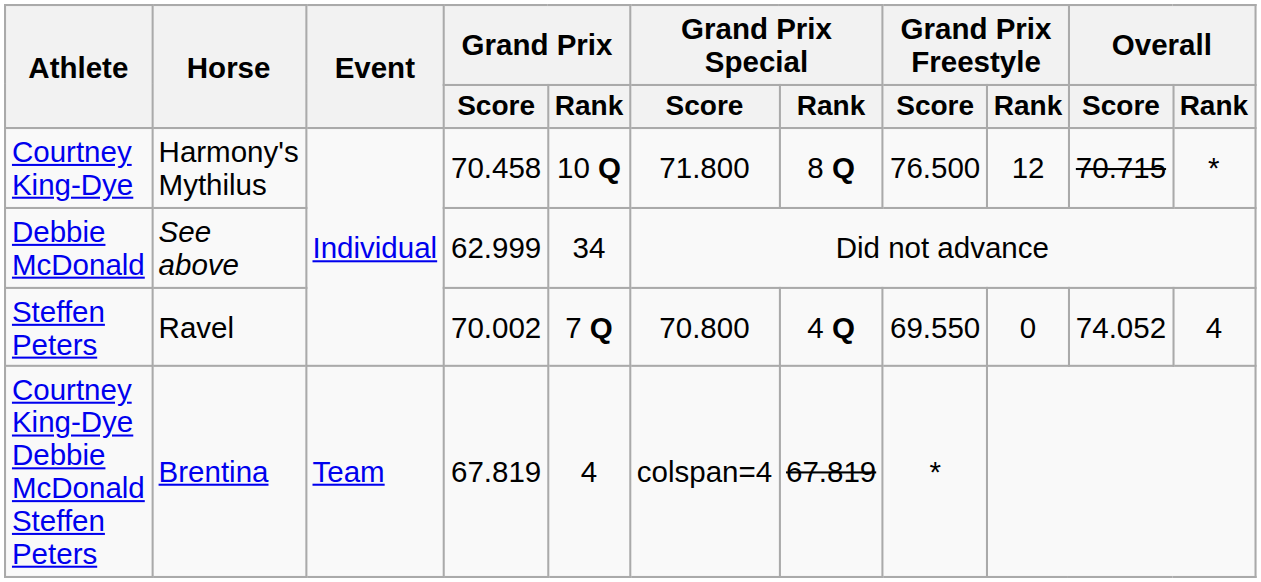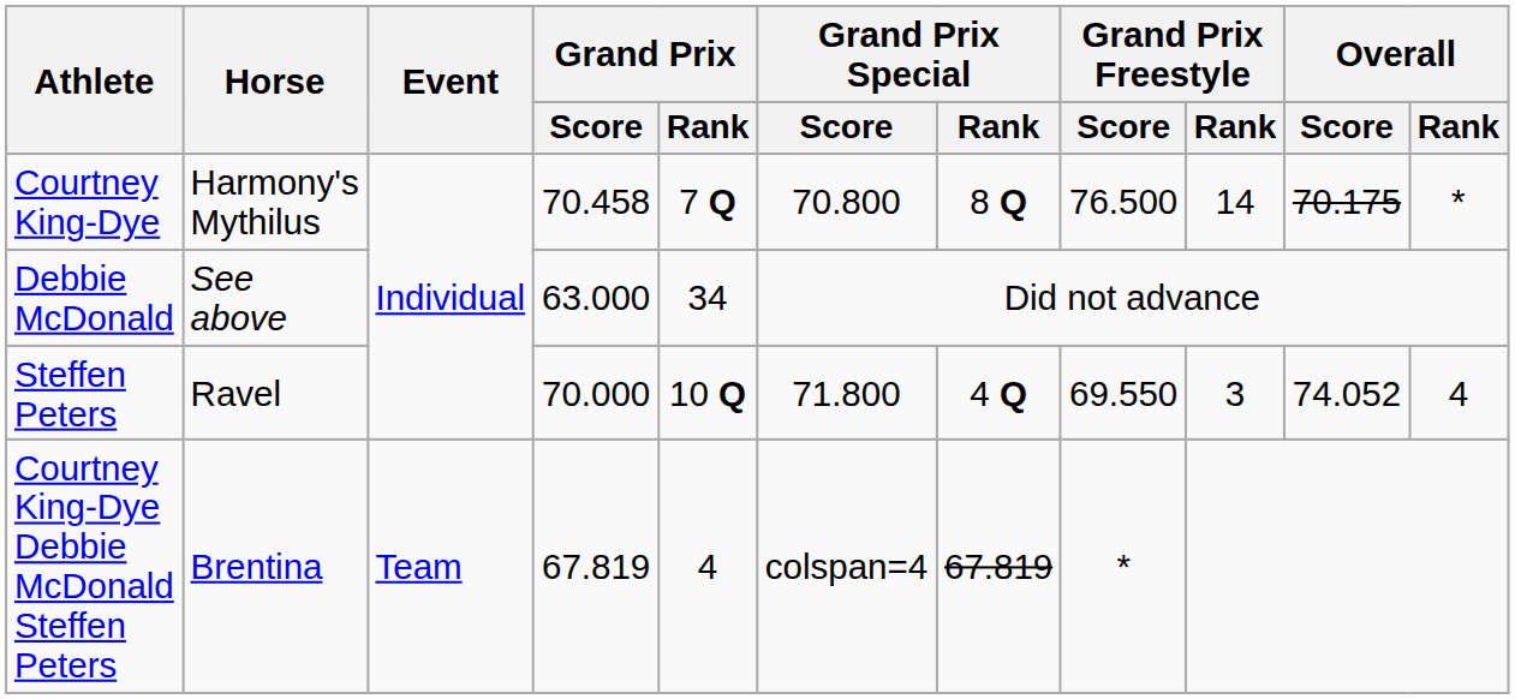 <table class=wikitable style=font-size:90%;text-align:center>
 <tr>
 <th rowspan=2>Athlete</th>
 <th rowspan=2>Horse</th>
 <th rowspan=2>Event</th>
 <th colspan=2>Grand Prix</th>
 <th colspan=2>Grand Prix Special</th>
 <th colspan=2>Grand Prix Freestyle</th>
 <th colspan=2>Overall</th>
 </tr>
 <tr style=font-size:95%>
 <th>Score</th>
 <th>Rank</th>
 <th>Score</th>
 <th>Rank</th>
 <th>Score</th>
 <th>Rank</th>
 <th>Score</th>
 <th>Rank</th>
 </tr>
 <tr>
 <td align=left><a href='#'>Courtney King-Dye</a></td>
 <td align=left>Harmony's Mythilus</td>
 <td align=left rowspan=3><a href='#'>Individual</a></td>
 <td>70.458</td>
-<td>10 <strong>Q</strong></td>
-<td>71.800</td>
+<td>7 <strong>Q</strong></td>
+<td>70.800</td>
 <td>8 <strong>Q</strong></td>
 <td>76.500</td>
-<td>12</td>
-<td><s>70.715</s></td>
+<td>14</td>
+<td><s>70.175</s></td>
 <td>*</td>
 </tr>
 <tr>
 <td align=left><a href='#'>Debbie McDonald</a></td>
 <td align=left><em>See above</em></td>
-<td>62.999</td>
+<td>63.000</td>
 <td>34</td>
 <td colspan=6>Did not advance</td>
 </tr>
 <tr>
 <td align=left><a href='#'>Steffen Peters</a></td>
 <td align=left>Ravel</td>
-<td>70.002</td>
-<td>7 <strong>Q</strong></td>
-<td>70.800</td>
+<td>70.000</td>
+<td>10 <strong>Q</strong></td>
+<td>71.800</td>
 <td>4 <strong>Q</strong></td>
 <td>69.550</td>
-<td>0</td>
+<td>3</td>
 <td>74.052</td>
 <td>4</td>
 </tr>
 <tr>
 <td align=left><a href='#'>Courtney King-Dye</a><br><a href='#'>Debbie McDonald</a><br><a href='#'>Steffen Peters</a></td>
 <td align=left><a href='#'>Brentina</a></td>
 <td align=left><a href='#'>Team</a></td>
 <td>67.819</td>
 <td>4</td>
 <td>colspan=4 </td>
 <td><s>67.819</s></td>
 <td>*</td>
 </tr>
 </table>
